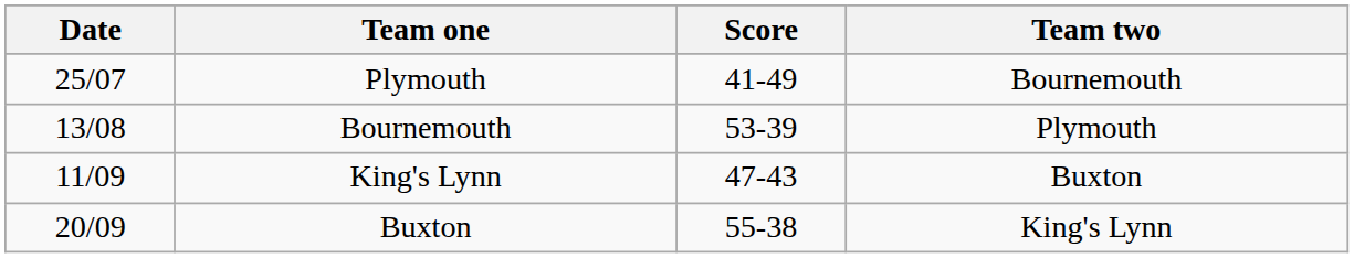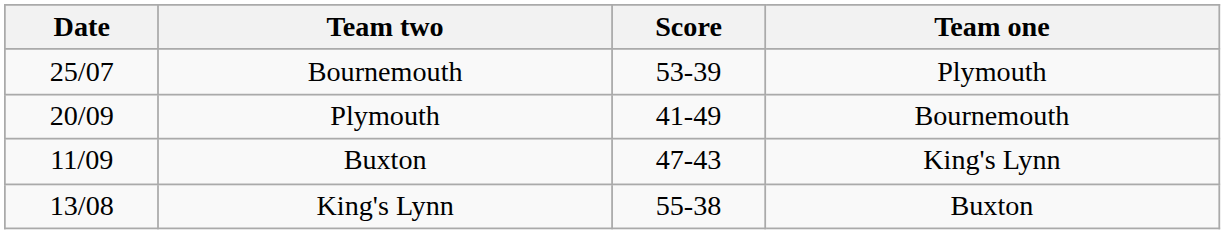 <table class="wikitable" style="text-align: center">
 <tr>
 <th width=80>Date</th>
+<th width=250>Team two</th>
+<th width=80>Score</th>
 <th width=250>Team one</th>
-<th width=80>Score</th>
-<th width=250>Team two</th>
 </tr>
 <tr>
 <td>25/07</td>
+<td>Bournemouth</td>
+<td>53-39</td>
+<td>Plymouth</td>
+</tr>
+<tr>
+<td>20/09</td>
 <td>Plymouth</td>
 <td>41-49</td>
 <td>Bournemouth</td>
 </tr>
 <tr>
-<td>13/08</td>
-<td>Bournemouth</td>
-<td>53-39</td>
-<td>Plymouth</td>
+<td>11/09</td>
+<td>Buxton</td>
+<td>47-43</td>
+<td>King's Lynn</td>
 </tr>
 <tr>
-<td>11/09</td>
+<td>13/08</td>
 <td>King's Lynn</td>
-<td>47-43</td>
+<td>55-38</td>
 <td>Buxton</td>
 </tr>
-<tr>
-<td>20/09</td>
-<td>Buxton</td>
-<td>55-38</td>
-<td>King's Lynn</td>
-</tr>
 </table>
